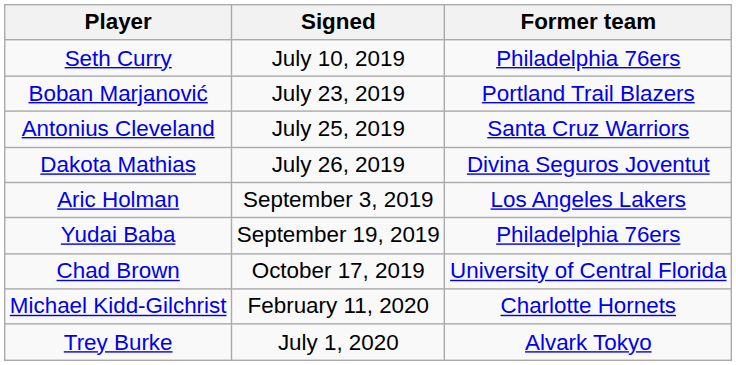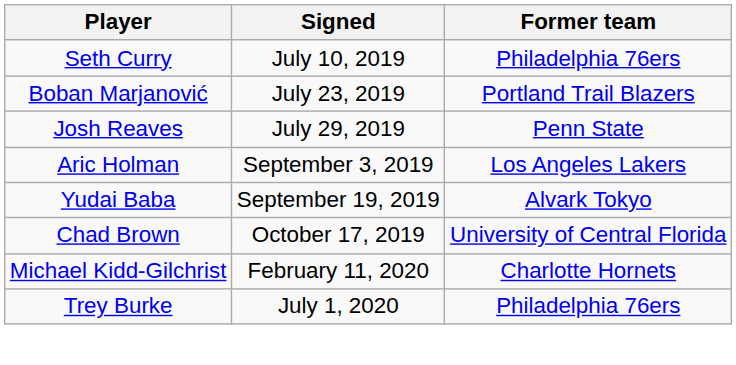 <table class="wikitable sortable sortable">
 <tr>
 <th>Player</th>
 <th>Signed</th>
 <th>Former team</th>
 </tr>
 <tr style="text-align: center">
 <td><a href='#'>Seth Curry</a></td>
 <td>July 10, 2019</td>
 <td><a href='#'>Philadelphia 76ers</a></td>
 </tr>
 <tr style="text-align: center">
 <td><a href='#'>Boban Marjanović</a></td>
 <td>July 23, 2019</td>
 <td><a href='#'>Portland Trail Blazers</a></td>
 </tr>
 <tr style="text-align: center">
-<td><a href='#'>Antonius Cleveland</a></td>
-<td>July 25, 2019</td>
-<td><a href='#'>Santa Cruz Warriors</a></td>
-</tr>
-<tr style="text-align: center">
-<td><a href='#'>Dakota Mathias</a></td>
-<td>July 26, 2019</td>
-<td> <a href='#'>Divina Seguros Joventut</a></td>
+<td><a href='#'>Josh Reaves</a></td>
+<td>July 29, 2019</td>
+<td><a href='#'>Penn State</a></td>
 </tr>
 <tr style="text-align: center">
 <td><a href='#'>Aric Holman</a></td>
 <td>September 3, 2019</td>
 <td><a href='#'>Los Angeles Lakers</a></td>
 </tr>
 <tr style="text-align: center">
 <td><a href='#'>Yudai Baba</a></td>
 <td>September 19, 2019</td>
-<td><a href='#'>Philadelphia 76ers</a></td>
+<td><a href='#'>Alvark Tokyo</a></td>
 </tr>
 <tr style="text-align: center">
 <td><a href='#'>Chad Brown</a></td>
 <td>October 17, 2019</td>
 <td><a href='#'>University of Central Florida</a></td>
 </tr>
 <tr style="text-align: center">
 <td><a href='#'>Michael Kidd-Gilchrist</a></td>
 <td>February 11, 2020</td>
 <td><a href='#'>Charlotte Hornets</a></td>
 </tr>
 <tr style="text-align: center">
 <td><a href='#'>Trey Burke</a></td>
 <td>July 1, 2020</td>
-<td><a href='#'>Alvark Tokyo</a></td>
+<td><a href='#'>Philadelphia 76ers</a></td>
 </tr>
 </table>
